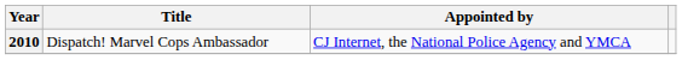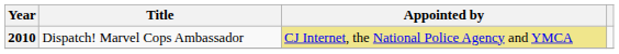 <table class="wikitable sortable plainrowheaders">
 <tr>
 <th>Year</th>
 <th style="width:17em;">Title</th>
 <th style="width:23em;">Appointed by</th>
 <th scope="col" class="unsortable"></th>
 </tr>
 <tr>
 <th scope="row">2010</th>
 <td>Dispatch! Marvel Cops Ambassador</td>
-<td><a href='#'>CJ Internet</a>, the <a href='#'>National Police Agency</a> and <a href='#'>YMCA</a></td>
+<td style="background: khaki;"><a href='#'>CJ Internet</a>, the <a href='#'>National Police Agency</a> and <a href='#'>YMCA</a></td>
 <td style="text-align:center"></td>
 </tr>
 <tr>
 </tr>
 </table>
